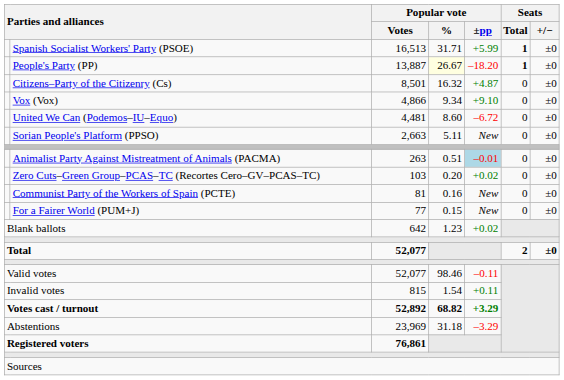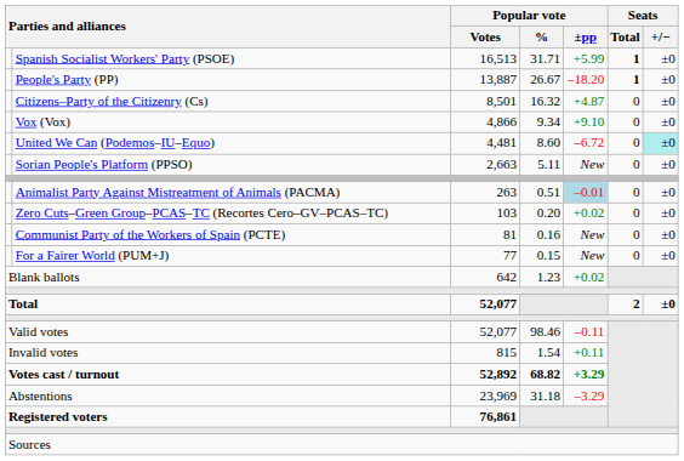 <table class="wikitable" style="text-align:right;">
 <tr>
 <th style="text-align:left;" rowspan="2" colspan="2" width="525">Parties and alliances</th>
 <th colspan="3">Popular vote</th>
 <th colspan="2">Seats</th>
 </tr>
 <tr>
 <th width="75">Votes</th>
 <th width="45">%</th>
 <th width="45">±<a href='#'>pp</a></th>
 <th width="35">Total</th>
 <th width="35">+/−</th>
 </tr>
 <tr>
 <td width="1" style="color:inherit;background:"></td>
 <td align="left"><a href='#'>Spanish Socialist Workers' Party</a> (PSOE)</td>
 <td>16,513</td>
 <td>31.71</td>
 <td style="color:green;">+5.99</td>
 <td><strong>1</strong></td>
 <td>±0</td>
 </tr>
 <tr>
 <td style="color:inherit;background:"></td>
 <td align="left"><a href='#'>People's Party</a> (PP)</td>
 <td>13,887</td>
-<td style="background: lightyellow;">26.67</td>
+<td>26.67</td>
 <td style="color:red;">–18.20</td>
 <td><strong>1</strong></td>
 <td>±0</td>
 </tr>
 <tr>
 <td style="color:inherit;background:"></td>
 <td align="left"><a href='#'>Citizens–Party of the Citizenry</a> (Cs)</td>
 <td>8,501</td>
 <td>16.32</td>
 <td style="color:green;">+4.87</td>
 <td>0</td>
 <td>±0</td>
 </tr>
 <tr>
 <td style="color:inherit;background:"></td>
 <td align="left"><a href='#'>Vox</a> (Vox)</td>
 <td>4,866</td>
 <td>9.34</td>
 <td style="color:green;">+9.10</td>
 <td>0</td>
 <td>±0</td>
 </tr>
 <tr>
 <td style="color:inherit;background:"></td>
 <td align="left"><a href='#'>United We Can</a> (<a href='#'>Podemos</a>–<a href='#'>IU</a>–<a href='#'>Equo</a>)</td>
 <td>4,481</td>
 <td>8.60</td>
 <td style="color:red;">–6.72</td>
 <td>0</td>
-<td>±0</td>
+<td style="background: paleturquoise;">±0</td>
 </tr>
 <tr>
 <td style="color:inherit;background:"></td>
 <td align="left"><a href='#'>Sorian People's Platform</a> (PPSO)</td>
 <td>2,663</td>
 <td>5.11</td>
 <td><em>New</em></td>
 <td>0</td>
 <td>±0</td>
 </tr>
 <tr>
 <td colspan="7" bgcolor="#C0C0C0"></td>
 </tr>
 <tr>
 <td style="color:inherit;background:"></td>
 <td align="left"><a href='#'>Animalist Party Against Mistreatment of Animals</a> (PACMA)</td>
 <td>263</td>
 <td>0.51</td>
 <td style="background: lightblue; color:red;">–0.01</td>
 <td>0</td>
 <td>±0</td>
 </tr>
 <tr>
 <td style="color:inherit;background:"></td>
 <td align="left"><a href='#'>Zero Cuts</a>–<a href='#'>Green Group</a>–<a href='#'>PCAS</a>–<a href='#'>TC</a> (Recortes Cero–GV–PCAS–TC)</td>
 <td>103</td>
 <td>0.20</td>
 <td style="color:green;">+0.02</td>
 <td>0</td>
 <td>±0</td>
 </tr>
 <tr>
 <td style="color:inherit;background:"></td>
 <td align="left"><a href='#'>Communist Party of the Workers of Spain</a> (PCTE)</td>
 <td>81</td>
 <td>0.16</td>
 <td><em>New</em></td>
 <td>0</td>
 <td>±0</td>
 </tr>
 <tr>
 <td style="color:inherit;background:"></td>
 <td align="left"><a href='#'>For a Fairer World</a> (PUM+J)</td>
 <td>77</td>
 <td>0.15</td>
 <td><em>New</em></td>
 <td>0</td>
 <td>±0</td>
 </tr>
 <tr>
 <td align="left" colspan="2">Blank ballots</td>
 <td>642</td>
 <td>1.23</td>
 <td style="color:green;">+0.02</td>
 <td bgcolor="#E9E9E9" colspan="2"></td>
 </tr>
 <tr>
 <td colspan="7" bgcolor="#E9E9E9"></td>
 </tr>
 <tr style="font-weight:bold;">
 <td align="left" colspan="2">Total</td>
 <td>52,077</td>
 <td bgcolor="#E9E9E9" colspan="2"></td>
 <td>2</td>
 <td>±0</td>
 </tr>
 <tr>
 <td colspan="7" bgcolor="#E9E9E9"></td>
 </tr>
 <tr>
 <td align="left" colspan="2">Valid votes</td>
 <td>52,077</td>
 <td>98.46</td>
 <td style="color:red;">–0.11</td>
 <td bgcolor="#E9E9E9" colspan="2" rowspan="5"></td>
 </tr>
 <tr>
 <td align="left" colspan="2">Invalid votes</td>
 <td>815</td>
 <td>1.54</td>
 <td style="color:green;">+0.11</td>
 </tr>
 <tr style="font-weight:bold;">
 <td align="left" colspan="2">Votes cast / turnout</td>
 <td>52,892</td>
 <td>68.82</td>
 <td style="color:green;">+3.29</td>
 </tr>
 <tr>
 <td align="left" colspan="2">Abstentions</td>
 <td>23,969</td>
 <td>31.18</td>
 <td style="color:red;">–3.29</td>
 </tr>
 <tr style="font-weight:bold;">
 <td align="left" colspan="2">Registered voters</td>
 <td>76,861</td>
 <td bgcolor="#E9E9E9" colspan="2"></td>
 </tr>
 <tr>
 <td colspan="7" bgcolor="#E9E9E9"></td>
 </tr>
 <tr>
 <td align="left" colspan="7">Sources</td>
 </tr>
 </table>
